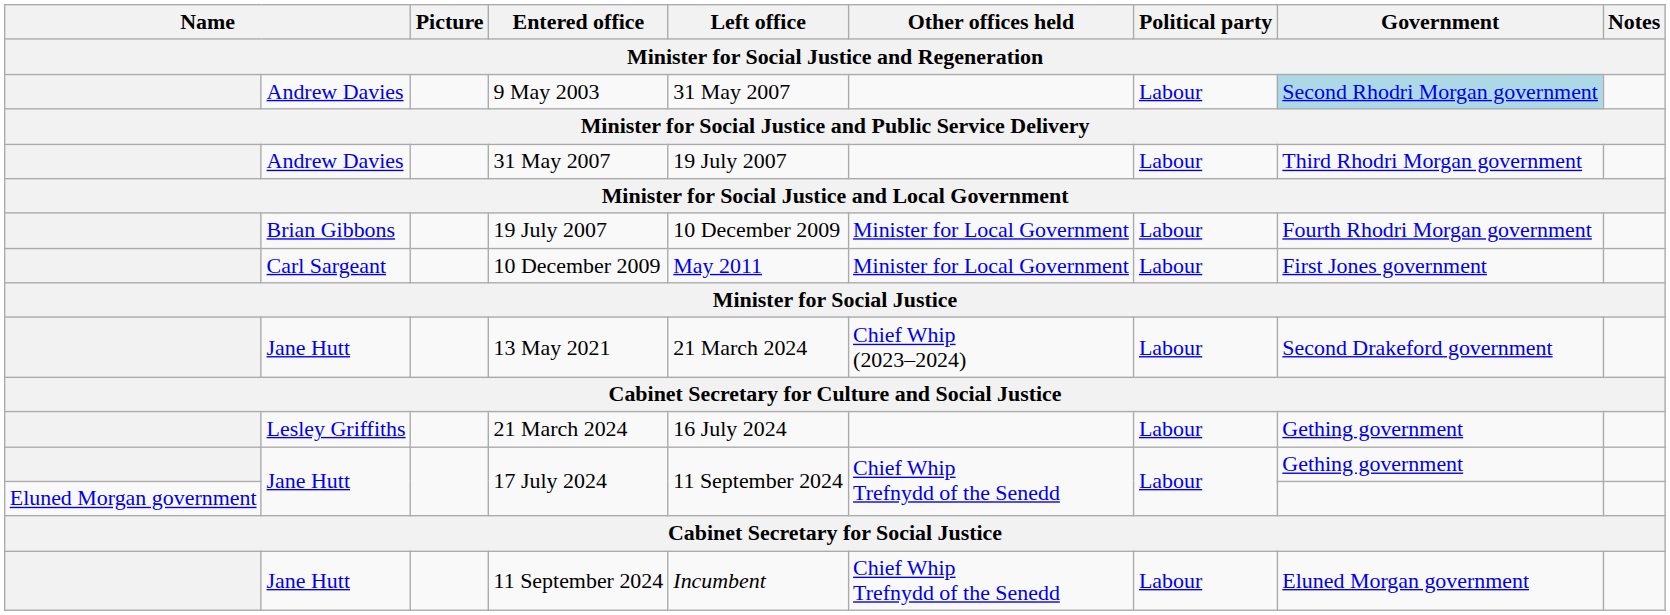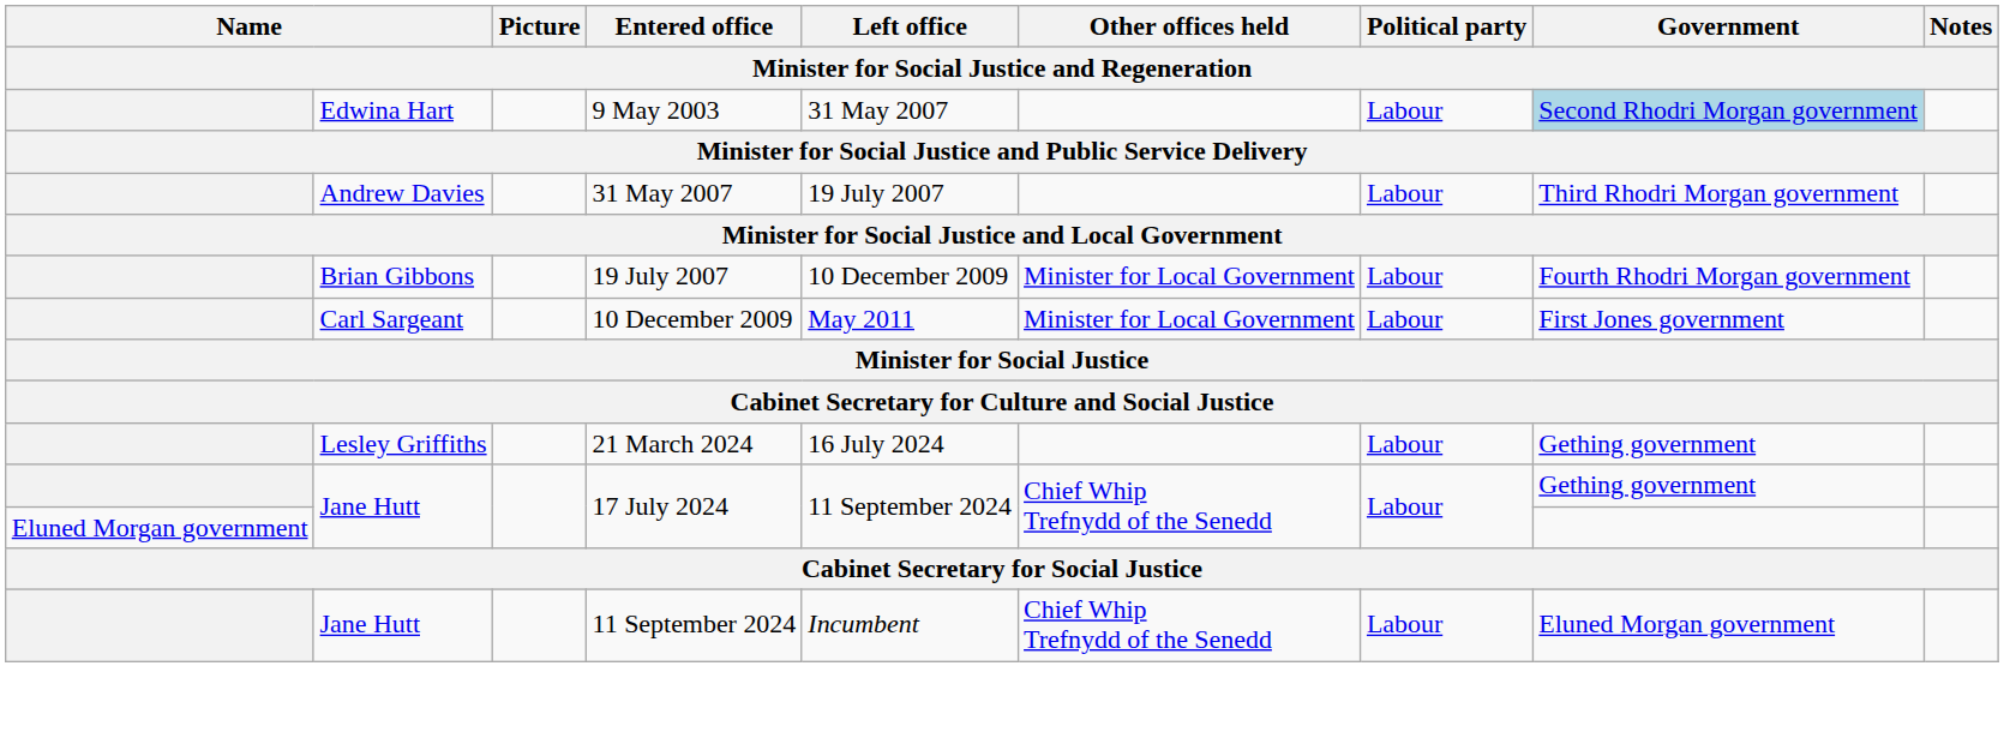 <table class="wikitable">
 <tr>
 <th colspan="2">Name</th>
 <th>Picture</th>
 <th>Entered office</th>
 <th>Left office</th>
 <th>Other offices held</th>
 <th>Political party</th>
 <th>Government</th>
 <th>Notes</th>
 </tr>
 <tr>
 <th colspan="9">Minister for Social Justice and Regeneration</th>
 </tr>
 <tr>
 <th style="background-color:"></th>
-<td><a href='#'>Andrew Davies</a></td>
+<td><a href='#'>Edwina Hart</a></td>
 <td></td>
 <td>9 May 2003</td>
 <td>31 May 2007</td>
 <td></td>
 <td><a href='#'>Labour</a></td>
 <td style="background: lightblue;"><a href='#'>Second Rhodri Morgan government</a></td>
 <td></td>
 </tr>
 <tr>
 <th colspan="9">Minister for Social Justice and Public Service Delivery</th>
 </tr>
 <tr>
 <th style="background-color:"></th>
 <td><a href='#'>Andrew Davies</a></td>
 <td></td>
 <td>31 May 2007</td>
 <td>19 July 2007</td>
 <td></td>
 <td><a href='#'>Labour</a></td>
 <td><a href='#'>Third Rhodri Morgan government</a></td>
 <td></td>
 </tr>
 <tr>
 <th colspan="9">Minister for Social Justice and Local Government</th>
 </tr>
 <tr>
 <th style="background-color:"></th>
 <td><a href='#'>Brian Gibbons</a></td>
 <td></td>
 <td>19 July 2007</td>
 <td>10 December 2009</td>
 <td><a href='#'>Minister for Local Government</a></td>
 <td><a href='#'>Labour</a></td>
 <td><a href='#'>Fourth Rhodri Morgan government</a></td>
 <td></td>
 </tr>
 <tr>
 <th style="background-color:"></th>
 <td><a href='#'>Carl Sargeant</a></td>
 <td></td>
 <td>10 December 2009</td>
 <td><a href='#'>May 2011</a></td>
 <td><a href='#'>Minister for Local Government</a></td>
 <td><a href='#'>Labour</a></td>
 <td><a href='#'>First Jones government</a></td>
 <td></td>
 </tr>
 <tr>
 <th colspan="9">Minister for Social Justice</th>
 </tr>
 <tr>
-<th style="background-color:"></th>
-<td><a href='#'>Jane Hutt</a></td>
-<td></td>
-<td>13 May 2021</td>
-<td>21 March 2024</td>
-<td><a href='#'>Chief Whip</a><br>(2023–2024)</td>
-<td><a href='#'>Labour</a></td>
-<td><a href='#'>Second Drakeford government</a></td>
-<td></td>
-</tr>
-<tr>
 <th colspan="9">Cabinet Secretary for Culture and Social Justice</th>
 </tr>
 <tr>
 <th style="background-color:"></th>
 <td><a href='#'>Lesley Griffiths</a></td>
 <td></td>
 <td>21 March 2024</td>
 <td>16 July 2024</td>
 <td></td>
 <td><a href='#'>Labour</a></td>
 <td><a href='#'>Gething government</a></td>
 <td></td>
 </tr>
 <tr>
 <th style="background-color:"></th>
 <td rowspan="2"><a href='#'>Jane Hutt</a></td>
 <td rowspan="2"></td>
 <td rowspan="2">17 July 2024</td>
 <td rowspan="2">11 September 2024</td>
 <td rowspan="2"><a href='#'>Chief Whip</a><br><a href='#'>Trefnydd of the Senedd</a></td>
 <td rowspan="2"><a href='#'>Labour</a></td>
 <td><a href='#'>Gething government</a></td>
 <td></td>
 </tr>
 <tr>
 <td><a href='#'>Eluned Morgan government</a></td>
 <td></td>
 </tr>
 <tr>
 <th colspan="9">Cabinet Secretary for Social Justice</th>
 </tr>
 <tr>
 <th style="background-color:"></th>
 <td><a href='#'>Jane Hutt</a></td>
 <td></td>
 <td>11 September 2024</td>
 <td><em>Incumbent</em></td>
 <td><a href='#'>Chief Whip</a><br><a href='#'>Trefnydd of the Senedd</a></td>
 <td><a href='#'>Labour</a></td>
 <td><a href='#'>Eluned Morgan government</a></td>
 <td></td>
 </tr>
 </table>
